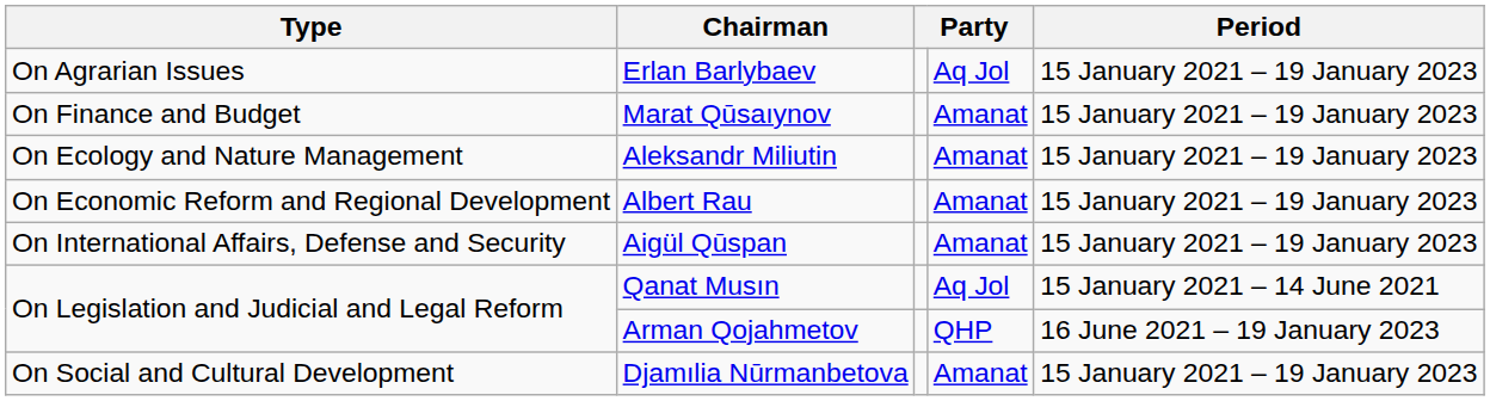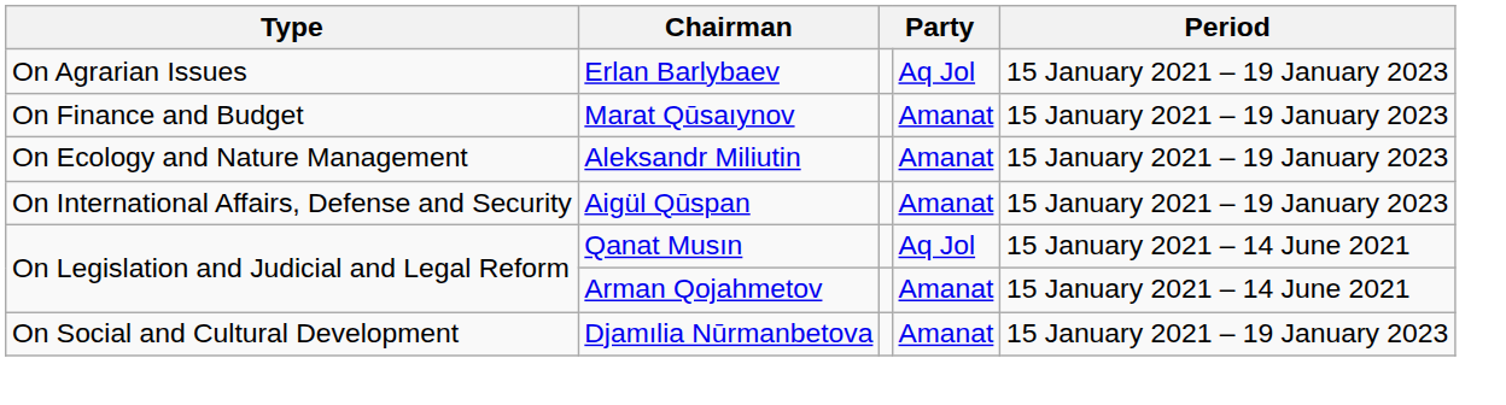 <table class="wikitable">
 <tr>
 <th>Type</th>
 <th>Chairman</th>
 <th colspan="2">Party</th>
 <th>Period</th>
 </tr>
 <tr>
 <td>On Agrarian Issues</td>
 <td><a href='#'>Erlan Barlybaev</a></td>
 <td style="background-color: "></td>
 <td><a href='#'>Aq Jol</a></td>
 <td>15 January 2021 – 19 January 2023</td>
 </tr>
 <tr>
 <td>On Finance and Budget</td>
 <td><a href='#'>Marat Qūsaıynov</a></td>
 <td style="background-color: "></td>
 <td><a href='#'>Amanat</a></td>
 <td>15 January 2021 – 19 January 2023</td>
 </tr>
 <tr>
 <td>On Ecology and Nature Management</td>
 <td><a href='#'>Aleksandr Miliutin</a></td>
 <td style="background-color: "></td>
 <td><a href='#'>Amanat</a></td>
 <td>15 January 2021 – 19 January 2023</td>
 </tr>
 <tr>
-<td>On Economic Reform and Regional Development</td>
-<td><a href='#'>Albert Rau</a></td>
-<td style="background-color: "></td>
-<td><a href='#'>Amanat</a></td>
-<td>15 January 2021 – 19 January 2023</td>
-</tr>
-<tr>
 <td>On International Affairs, Defense and Security</td>
 <td><a href='#'>Aigül Qūspan</a></td>
 <td style="background-color: "></td>
 <td><a href='#'>Amanat</a></td>
 <td>15 January 2021 – 19 January 2023</td>
 </tr>
 <tr>
 <td rowspan="2">On Legislation and Judicial and Legal Reform</td>
 <td><a href='#'>Qanat Musın</a></td>
 <td style="background-color: "></td>
 <td><a href='#'>Aq Jol</a></td>
 <td>15 January 2021 – 14 June 2021</td>
 </tr>
 <tr>
 <td><a href='#'>Arman Qojahmetov</a></td>
 <td style="background-color: "></td>
-<td><a href='#'>QHP</a></td>
-<td>16 June 2021 – 19 January 2023</td>
+<td><a href='#'>Amanat</a></td>
+<td>15 January 2021 – 14 June 2021</td>
 </tr>
 <tr>
 <td>On Social and Cultural Development</td>
 <td><a href='#'>Djamılia Nūrmanbetova</a></td>
 <td style="background-color: "></td>
 <td><a href='#'>Amanat</a></td>
 <td>15 January 2021 – 19 January 2023</td>
 </tr>
 </table>
